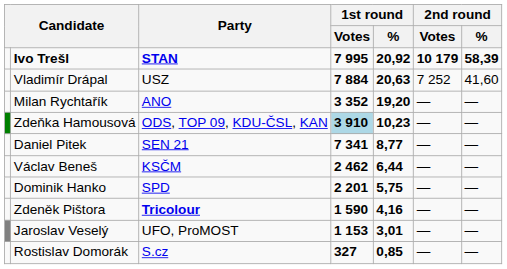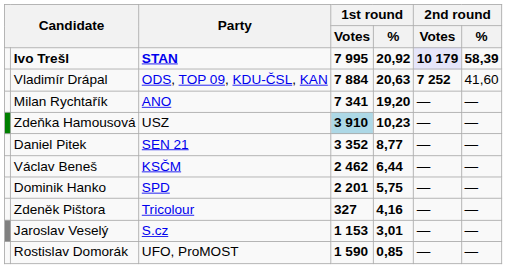 <table class="wikitable sortable">
 <tr>
 <th colspan="2" rowspan="2">Candidate</th>
 <th rowspan="2">Party</th>
 <th colspan="2">1st round</th>
 <th colspan="2">2nd round</th>
 </tr>
 <tr>
 <th>Votes</th>
 <th>%</th>
 <th>Votes</th>
 <th>%</th>
 </tr>
 <tr>
 <td style="background-color:"></td>
 <td><strong>Ivo Trešl</strong></td>
 <td><strong><a href='#'>STAN</a></strong></td>
 <td><strong>7 995</strong></td>
 <td><strong>20,92</strong></td>
-<td><strong>10 179</strong></td>
+<td style="background: lavender;"><strong>10 179</strong></td>
 <td><strong>58,39</strong></td>
 </tr>
 <tr>
 <td style="background-color:"></td>
 <td>Vladimír Drápal</td>
-<td>USZ</td>
+<td><a href='#'>ODS</a>, <a href='#'>TOP 09</a>, <a href='#'>KDU-ČSL</a>, <a href='#'>KAN</a></td>
 <td><strong>7 884</strong></td>
 <td><strong>20,63</strong></td>
-<td>7 252</td>
+<td><strong>7 252</strong></td>
 <td>41,60</td>
 </tr>
 <tr>
 <td style="background-color:"></td>
 <td>Milan Rychtařík</td>
 <td><a href='#'>ANO</a></td>
-<td><strong>3 352</strong></td>
+<td><strong>7 341</strong></td>
 <td><strong>19,20</strong></td>
 <td>—</td>
 <td>—</td>
 </tr>
 <tr>
 <td style="background-color:green;"></td>
 <td>Zdeňka Hamousová</td>
-<td><a href='#'>ODS</a>, <a href='#'>TOP 09</a>, <a href='#'>KDU-ČSL</a>, <a href='#'>KAN</a></td>
+<td>USZ</td>
 <td style="background: lightblue;"><strong>3 910</strong></td>
 <td><strong>10,23</strong></td>
 <td>—</td>
 <td>—</td>
 </tr>
 <tr>
 <td style="background-color:"></td>
 <td>Daniel Pitek</td>
 <td><a href='#'>SEN 21</a></td>
-<td><strong>7 341</strong></td>
+<td><strong>3 352</strong></td>
 <td><strong>8,77</strong></td>
 <td>—</td>
 <td>—</td>
 </tr>
 <tr>
 <td style="background-color:"></td>
 <td>Václav Beneš</td>
 <td><a href='#'>KSČM</a></td>
 <td><strong>2 462</strong></td>
 <td><strong>6,44</strong></td>
 <td>—</td>
 <td>—</td>
 </tr>
 <tr>
 <td style="background-color:"></td>
 <td>Dominik Hanko</td>
 <td><a href='#'>SPD</a></td>
 <td><strong>2 201</strong></td>
 <td><strong>5,75</strong></td>
 <td>—</td>
 <td>—</td>
 </tr>
 <tr>
 <td style="background-color:"></td>
 <td>Zdeněk Pištora</td>
-<td><strong><a href='#'>Tricolour</a></strong></td>
-<td><strong>1 590</strong></td>
+<td><a href='#'>Tricolour</a></td>
+<td><strong>327</strong></td>
 <td><strong>4,16</strong></td>
 <td>—</td>
 <td>—</td>
 </tr>
 <tr>
 <td style="background-color:gray;"></td>
 <td>Jaroslav Veselý</td>
-<td>UFO, ProMOST</td>
+<td><a href='#'>S.cz</a></td>
 <td><strong>1 153</strong></td>
 <td><strong>3,01</strong></td>
 <td>—</td>
 <td>—</td>
 </tr>
 <tr>
 <td style="background-color:"></td>
 <td>Rostislav Domorák</td>
-<td><a href='#'>S.cz</a></td>
-<td><strong>327</strong></td>
+<td>UFO, ProMOST</td>
+<td><strong>1 590</strong></td>
 <td><strong>0,85</strong></td>
 <td>—</td>
 <td>—</td>
 </tr>
 </table>
